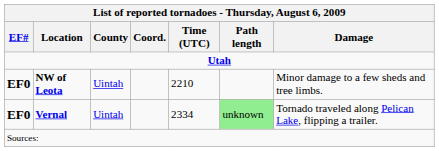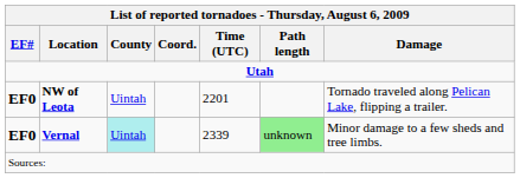 <table class="wikitable collapsible" style="width:100%;">
 <tr>
 <th colspan="7">List of reported tornadoes - Thursday, August 6, 2009</th>
 </tr>
 <tr>
 <th><a href='#'>EF#</a></th>
 <th>Location</th>
 <th>County</th>
 <th>Coord.</th>
 <th>Time (UTC)</th>
 <th>Path length</th>
 <th>Damage</th>
 </tr>
 <tr>
 <td colspan="7" style="text-align:center;"><strong><a href='#'>Utah</a></strong></td>
 </tr>
 <tr>
 <td><big><strong>EF0</strong></big></td>
 <td><strong>NW of <a href='#'>Leota</a></strong></td>
 <td><a href='#'>Uintah</a></td>
 <td></td>
-<td>2210</td>
+<td>2201</td>
 <td></td>
-<td>Minor damage to a few sheds and tree limbs.</td>
+<td>Tornado traveled along <a href='#'>Pelican Lake</a>, flipping a trailer.</td>
 </tr>
 <tr>
 <td><big><strong>EF0</strong></big></td>
 <td><strong><a href='#'>Vernal</a></strong></td>
-<td><a href='#'>Uintah</a></td>
+<td style="background: paleturquoise;"><a href='#'>Uintah</a></td>
 <td></td>
-<td>2334</td>
+<td>2339</td>
 <td style="background: lightgreen;">unknown</td>
-<td>Tornado traveled along <a href='#'>Pelican Lake</a>, flipping a trailer.</td>
+<td>Minor damage to a few sheds and tree limbs.</td>
 </tr>
 <tr>
 <td colspan="7"><small>Sources: </small></td>
 </tr>
 </table>
